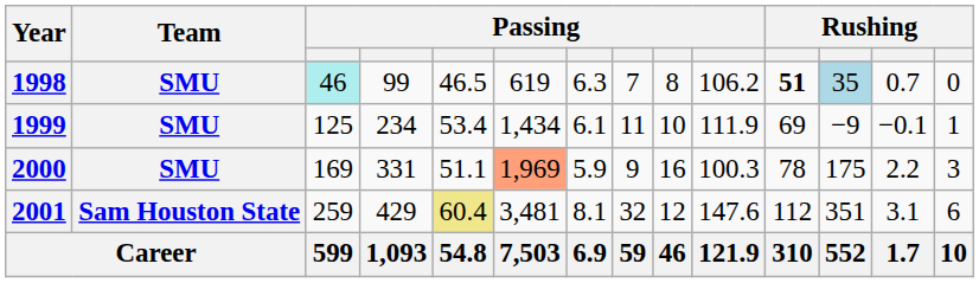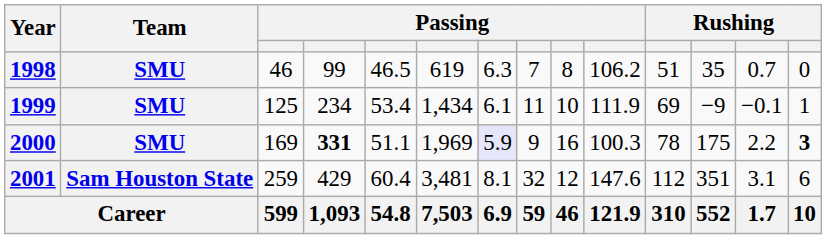 <table class="wikitable" style="text-align:center;">
 <tr>
 <th rowspan=2>Year</th>
 <th rowspan=2>Team</th>
 <th colspan=8>Passing</th>
 <th colspan=4>Rushing</th>
 </tr>
 <tr>
 <th></th>
 <th></th>
 <th></th>
 <th></th>
 <th></th>
 <th></th>
 <th></th>
 <th></th>
 <th></th>
 <th></th>
 <th></th>
 <th></th>
 </tr>
 <tr>
 <th><a href='#'>1998</a></th>
 <th><a href='#'>SMU</a></th>
-<td style="background: paleturquoise;">46</td>
+<td>46</td>
 <td>99</td>
 <td>46.5</td>
 <td>619</td>
 <td>6.3</td>
 <td>7</td>
 <td>8</td>
 <td>106.2</td>
-<td><strong>51</strong></td>
-<td style="background: lightblue;">35</td>
+<td>51</td>
+<td>35</td>
 <td>0.7</td>
 <td>0</td>
 </tr>
 <tr>
 <th><a href='#'>1999</a></th>
 <th><a href='#'>SMU</a></th>
 <td>125</td>
 <td>234</td>
 <td>53.4</td>
 <td>1,434</td>
 <td>6.1</td>
 <td>11</td>
 <td>10</td>
 <td>111.9</td>
 <td>69</td>
 <td>−9</td>
 <td>−0.1</td>
 <td>1</td>
 </tr>
 <tr>
 <th><a href='#'>2000</a></th>
 <th><a href='#'>SMU</a></th>
 <td>169</td>
-<td>331</td>
+<td><strong>331</strong></td>
 <td>51.1</td>
-<td style="background: lightsalmon;">1,969</td>
-<td>5.9</td>
+<td>1,969</td>
+<td style="background: lavender;">5.9</td>
 <td>9</td>
 <td>16</td>
 <td>100.3</td>
 <td>78</td>
 <td>175</td>
 <td>2.2</td>
-<td>3</td>
+<td><strong>3</strong></td>
 </tr>
 <tr>
 <th><a href='#'>2001</a></th>
 <th><a href='#'>Sam Houston State</a></th>
 <td>259</td>
 <td>429</td>
-<td style="background: khaki;">60.4</td>
+<td>60.4</td>
 <td>3,481</td>
 <td>8.1</td>
 <td>32</td>
 <td>12</td>
 <td>147.6</td>
 <td>112</td>
 <td>351</td>
 <td>3.1</td>
 <td>6</td>
 </tr>
 <tr class="sortbottom">
 <th colspan=2>Career</th>
 <th>599</th>
 <th>1,093</th>
 <th>54.8</th>
 <th>7,503</th>
 <th>6.9</th>
 <th>59</th>
 <th>46</th>
 <th>121.9</th>
 <th>310</th>
 <th>552</th>
 <th>1.7</th>
 <th>10</th>
 </tr>
 </table>
